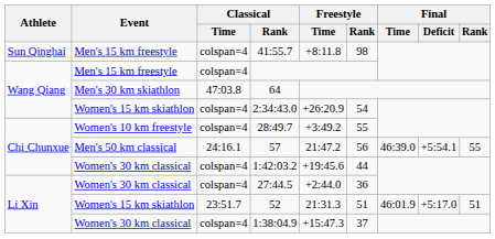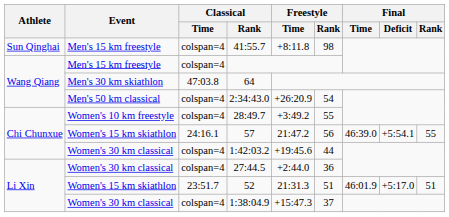 <table class="wikitable" style="font-size:90%">
 <tr>
 <th rowspan=2>Athlete</th>
 <th rowspan=2>Event</th>
 <th colspan=2>Classical</th>
 <th colspan=2>Freestyle</th>
 <th colspan=3>Final</th>
 </tr>
 <tr style="font-size: 95%">
 <th>Time</th>
 <th>Rank</th>
 <th>Time</th>
 <th>Rank</th>
 <th>Time</th>
 <th>Deficit</th>
 <th>Rank</th>
 </tr>
 <tr align=center>
 <td align=left><a href='#'>Sun Qinghai</a></td>
 <td align=left><a href='#'>Men's 15 km freestyle</a></td>
 <td>colspan=4 </td>
 <td>41:55.7</td>
 <td>+8:11.8</td>
 <td>98</td>
 </tr>
 <tr align=center>
 <td align=left rowspan=3><a href='#'>Wang Qiang</a></td>
 <td align=left><a href='#'>Men's 15 km freestyle</a></td>
 <td>colspan=4 </td>
 <td colspan=3></td>
 </tr>
 <tr align=center>
 <td align=left><a href='#'>Men's 30 km skiathlon</a></td>
 <td>47:03.8</td>
 <td>64</td>
 <td colspan=5></td>
 </tr>
 <tr align=center>
-<td align=left><a href='#'>Women's 15 km skiathlon</a></td>
+<td align=left><a href='#'>Men's 50 km classical</a></td>
 <td>colspan=4 </td>
 <td>2:34:43.0</td>
 <td>+26:20.9</td>
 <td>54</td>
 </tr>
 <tr align=center>
 <td align=left rowspan=3><a href='#'>Chi Chunxue</a></td>
 <td align=left><a href='#'>Women's 10 km freestyle</a></td>
 <td>colspan=4 </td>
 <td>28:49.7</td>
 <td>+3:49.2</td>
 <td>55</td>
 </tr>
 <tr align=center>
-<td align=left><a href='#'>Men's 50 km classical</a></td>
+<td align=left><a href='#'>Women's 15 km skiathlon</a></td>
 <td>24:16.1</td>
 <td>57</td>
 <td>21:47.2</td>
 <td>56</td>
 <td>46:39.0</td>
 <td>+5:54.1</td>
 <td>55</td>
 </tr>
 <tr align=center>
 <td align=left><a href='#'>Women's 30 km classical</a></td>
 <td>colspan=4 </td>
 <td>1:42:03.2</td>
 <td>+19:45.6</td>
 <td>44</td>
 </tr>
 <tr align=center>
 <td align=left rowspan=3><a href='#'>Li Xin</a></td>
 <td align=left><a href='#'>Women's 30 km classical</a></td>
 <td>colspan=4 </td>
 <td>27:44.5</td>
 <td>+2:44.0</td>
 <td>36</td>
 </tr>
 <tr align=center>
 <td align=left><a href='#'>Women's 15 km skiathlon</a></td>
 <td>23:51.7</td>
 <td>52</td>
 <td>21:31.3</td>
 <td>51</td>
 <td>46:01.9</td>
 <td>+5:17.0</td>
 <td>51</td>
 </tr>
 <tr align=center>
 <td align=left><a href='#'>Women's 30 km classical</a></td>
 <td>colspan=4 </td>
 <td>1:38:04.9</td>
 <td>+15:47.3</td>
 <td>37</td>
 </tr>
 </table>
